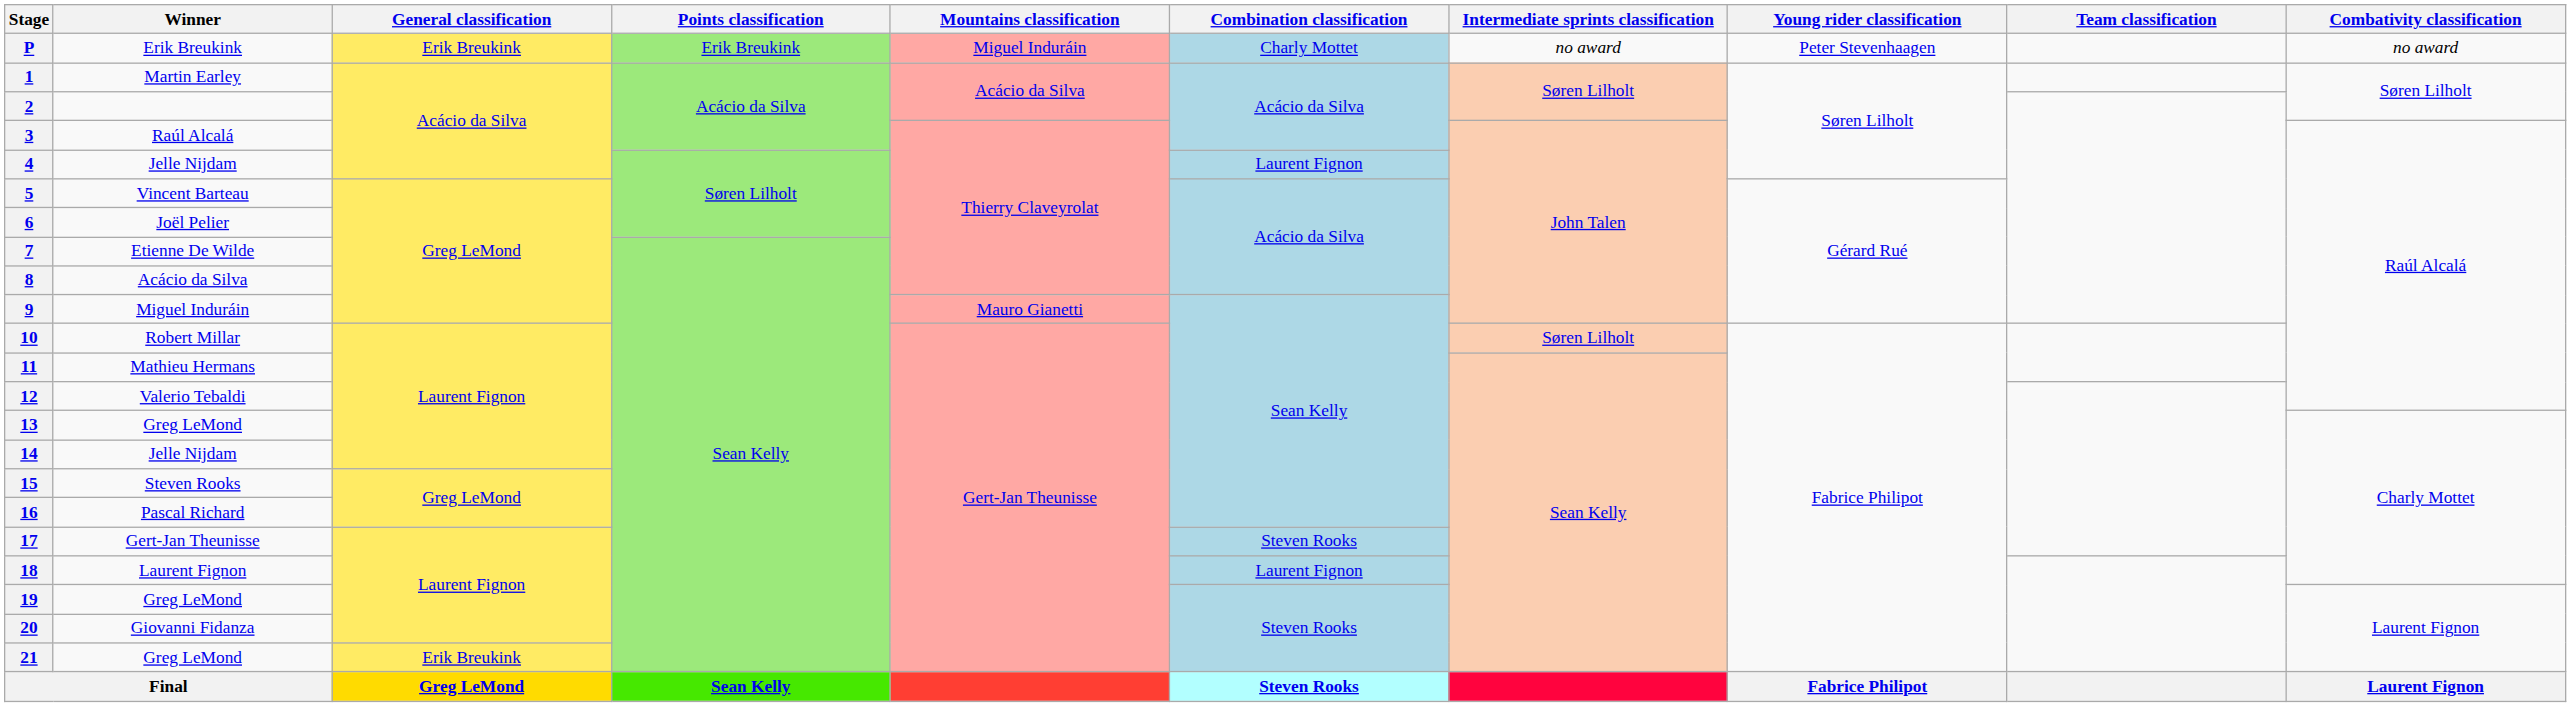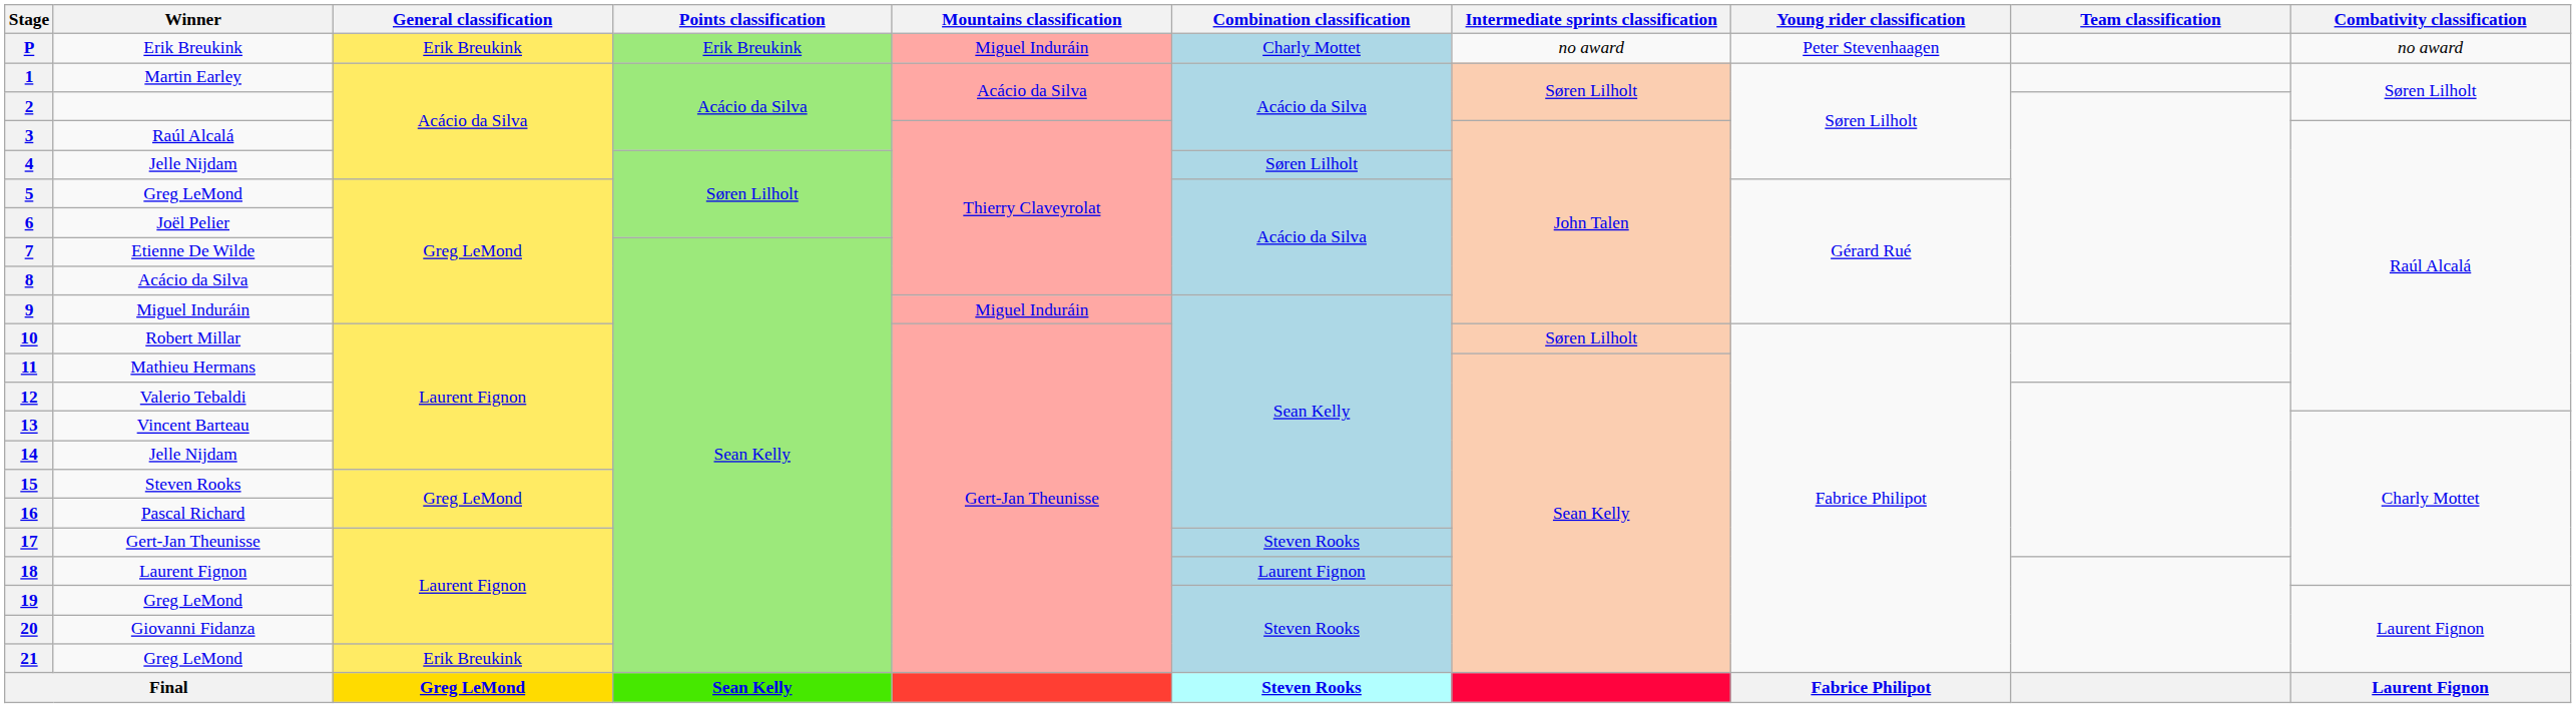 <table class="wikitable" style="text-align: center; font-size:smaller;">
 <tr>
 <th scope="col" style="width:1%;">Stage</th>
 <th scope="col" style="width:11%;">Winner</th>
 <th scope="col" style="width:11%;"><a href='#'>General classification</a><br></th>
 <th scope="col" style="width:11%;"><a href='#'>Points classification</a><br></th>
 <th scope="col" style="width:11%;"><a href='#'>Mountains classification</a><br></th>
 <th scope="col" style="width:11%;"><a href='#'>Combination classification</a><br></th>
 <th scope="col" style="width:11%;"><a href='#'>Intermediate sprints classification</a><br></th>
 <th scope="col" style="width:11%;"><a href='#'>Young rider classification</a></th>
 <th scope="col" style="width:11%;"><a href='#'>Team classification</a></th>
 <th scope="col" style="width:11%;"><a href='#'>Combativity classification</a></th>
 </tr>
 <tr>
 <th scope="row"><a href='#'>P</a></th>
 <td><a href='#'>Erik Breukink</a></td>
 <td style="background:#FFEB64"><a href='#'>Erik Breukink</a></td>
 <td style="background:#9CE97B"><a href='#'>Erik Breukink</a></td>
 <td style="background:#FFA8A4"><a href='#'>Miguel Induráin</a></td>
 <td style="background:lightblue;"><a href='#'>Charly Mottet</a></td>
 <td><em>no award</em></td>
 <td><a href='#'>Peter Stevenhaagen</a></td>
 <td></td>
 <td><em>no award</em></td>
 </tr>
 <tr>
 <th scope="row"><a href='#'>1</a></th>
 <td><a href='#'>Martin Earley</a></td>
 <td style="background:#FFEB64" rowspan="4"><a href='#'>Acácio da Silva</a></td>
 <td style="background:#9CE97B" rowspan="3"><a href='#'>Acácio da Silva</a></td>
 <td style="background:#FFA8A4" rowspan="2"><a href='#'>Acácio da Silva</a></td>
 <td style="background:lightblue;" rowspan="3"><a href='#'>Acácio da Silva</a></td>
 <td style="background:#FBCEB1;" rowspan="2"><a href='#'>Søren Lilholt</a></td>
 <td rowspan="4"><a href='#'>Søren Lilholt</a></td>
 <td></td>
 <td rowspan="2"><a href='#'>Søren Lilholt</a></td>
 </tr>
 <tr>
 <th scope="row"><a href='#'>2</a></th>
 <td></td>
 <td rowspan="8"></td>
 </tr>
 <tr>
 <th scope="row"><a href='#'>3</a></th>
 <td><a href='#'>Raúl Alcalá</a></td>
 <td style="background:#FFA8A4" rowspan="6"><a href='#'>Thierry Claveyrolat</a></td>
 <td style="background:#FBCEB1;" rowspan="7"><a href='#'>John Talen</a></td>
 <td rowspan="10"><a href='#'>Raúl Alcalá</a></td>
 </tr>
 <tr>
 <th scope="row"><a href='#'>4</a></th>
 <td><a href='#'>Jelle Nijdam</a></td>
 <td style="background:#9CE97B" rowspan="3"><a href='#'>Søren Lilholt</a></td>
-<td style="background:lightblue;"><a href='#'>Laurent Fignon</a></td>
+<td style="background:lightblue;"><a href='#'>Søren Lilholt</a></td>
 </tr>
 <tr>
 <th scope="row"><a href='#'>5</a></th>
-<td><a href='#'>Vincent Barteau</a></td>
+<td><a href='#'>Greg LeMond</a></td>
 <td style="background:#FFEB64" rowspan="5"><a href='#'>Greg LeMond</a></td>
 <td style="background:lightblue;" rowspan="4"><a href='#'>Acácio da Silva</a></td>
 <td rowspan="5"><a href='#'>Gérard Rué</a></td>
 </tr>
 <tr>
 <th scope="row"><a href='#'>6</a></th>
 <td><a href='#'>Joël Pelier</a></td>
 </tr>
 <tr>
 <th scope="row"><a href='#'>7</a></th>
 <td><a href='#'>Etienne De Wilde</a></td>
 <td style="background:#9CE97B" rowspan="15"><a href='#'>Sean Kelly</a></td>
 </tr>
 <tr>
 <th scope="row"><a href='#'>8</a></th>
 <td><a href='#'>Acácio da Silva</a></td>
 </tr>
 <tr>
 <th scope="row"><a href='#'>9</a></th>
 <td><a href='#'>Miguel Induráin</a></td>
-<td style="background:#FFA8A4"><a href='#'>Mauro Gianetti</a></td>
+<td style="background:#FFA8A4"><a href='#'>Miguel Induráin</a></td>
 <td style="background:lightblue;" rowspan="8"><a href='#'>Sean Kelly</a></td>
 </tr>
 <tr>
 <th scope="row"><a href='#'>10</a></th>
 <td><a href='#'>Robert Millar</a></td>
 <td style="background:#FFEB64" rowspan="5"><a href='#'>Laurent Fignon</a></td>
 <td style="background:#FFA8A4" rowspan="12"><a href='#'>Gert-Jan Theunisse</a></td>
 <td style="background:#FBCEB1;"><a href='#'>Søren Lilholt</a></td>
 <td rowspan="12"><a href='#'>Fabrice Philipot</a></td>
 <td rowspan="2"></td>
 </tr>
 <tr>
 <th scope="row"><a href='#'>11</a></th>
 <td><a href='#'>Mathieu Hermans</a></td>
 <td style="background:#FBCEB1;" rowspan="11"><a href='#'>Sean Kelly</a></td>
 </tr>
 <tr>
 <th scope="row"><a href='#'>12</a></th>
 <td><a href='#'>Valerio Tebaldi</a></td>
 <td rowspan="6"></td>
 </tr>
 <tr>
 <th scope="row"><a href='#'>13</a></th>
-<td><a href='#'>Greg LeMond</a></td>
+<td><a href='#'>Vincent Barteau</a></td>
 <td rowspan="6"><a href='#'>Charly Mottet</a></td>
 </tr>
 <tr>
 <th scope="row"><a href='#'>14</a></th>
 <td><a href='#'>Jelle Nijdam</a></td>
 </tr>
 <tr>
 <th scope="row"><a href='#'>15</a></th>
 <td><a href='#'>Steven Rooks</a></td>
 <td style="background:#FFEB64" rowspan="2"><a href='#'>Greg LeMond</a></td>
 </tr>
 <tr>
 <th scope="row"><a href='#'>16</a></th>
 <td><a href='#'>Pascal Richard</a></td>
 </tr>
 <tr>
 <th scope="row"><a href='#'>17</a></th>
 <td><a href='#'>Gert-Jan Theunisse</a></td>
 <td style="background:#FFEB64" rowspan="4"><a href='#'>Laurent Fignon</a></td>
 <td style="background:lightblue;"><a href='#'>Steven Rooks</a></td>
 </tr>
 <tr>
 <th scope="row"><a href='#'>18</a></th>
 <td><a href='#'>Laurent Fignon</a></td>
 <td style="background:lightblue;"><a href='#'>Laurent Fignon</a></td>
 <td rowspan="4"></td>
 </tr>
 <tr>
 <th scope="row"><a href='#'>19</a></th>
 <td><a href='#'>Greg LeMond</a></td>
 <td style="background:lightblue;" rowspan="3"><a href='#'>Steven Rooks</a></td>
 <td rowspan="3"><a href='#'>Laurent Fignon</a></td>
 </tr>
 <tr>
 <th scope="row"><a href='#'>20</a></th>
 <td><a href='#'>Giovanni Fidanza</a></td>
 </tr>
 <tr>
 <th scope="row"><a href='#'>21</a></th>
 <td><a href='#'>Greg LeMond</a></td>
 <td style="background:#FFEB64"><a href='#'>Erik Breukink</a></td>
 </tr>
 <tr>
 <th scope="row" colspan="2">Final</th>
 <th style="background:#FFDB00;"><a href='#'>Greg LeMond</a></th>
 <th style="background:#46E800;"><a href='#'>Sean Kelly</a></th>
 <th style="background:#FF3E33;"></th>
 <th style="background:#B2FFFF;"><a href='#'>Steven Rooks</a></th>
 <th style="background:#FF033E;"></th>
 <th><a href='#'>Fabrice Philipot</a></th>
 <th></th>
 <th><a href='#'>Laurent Fignon</a></th>
 </tr>
 </table>
